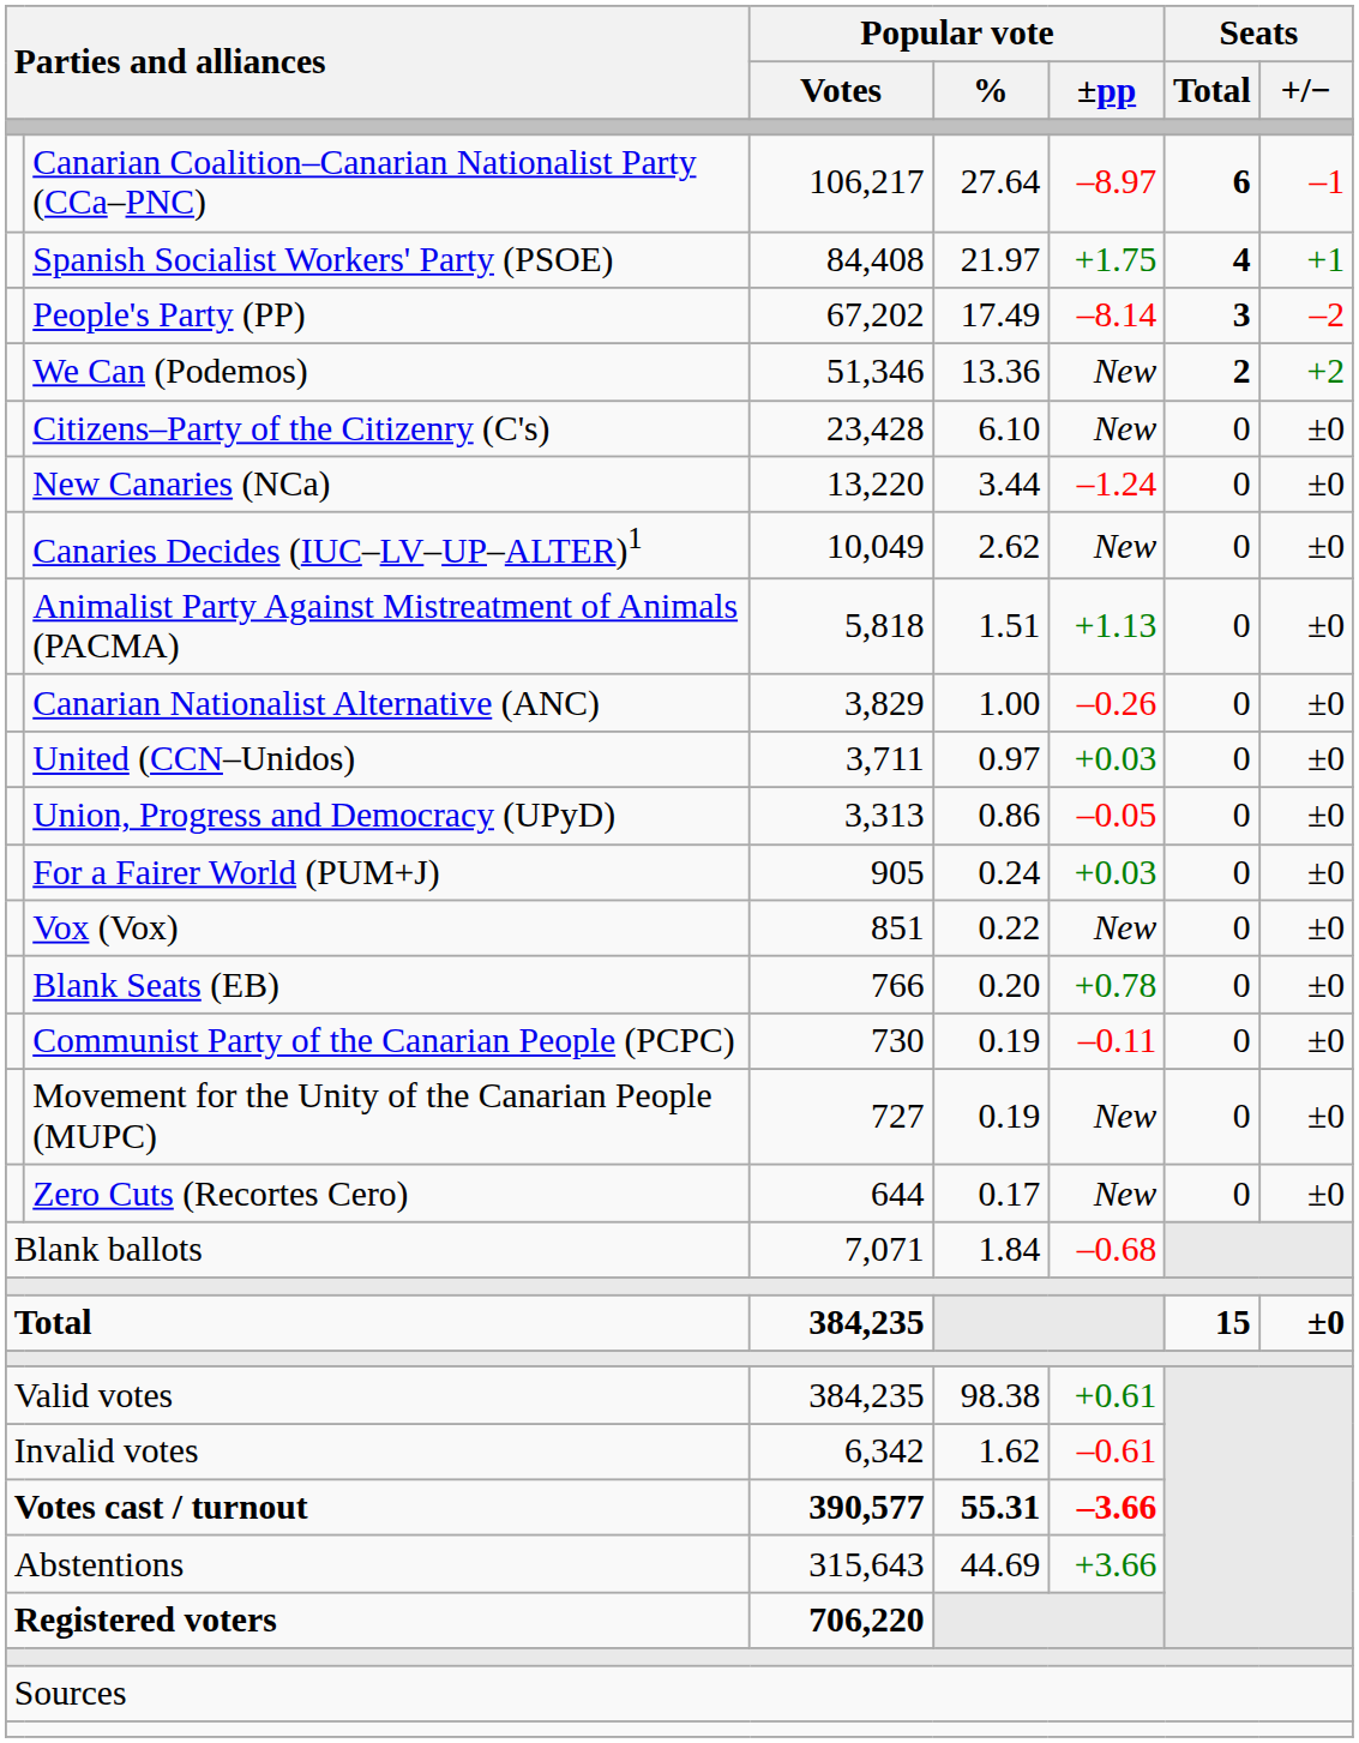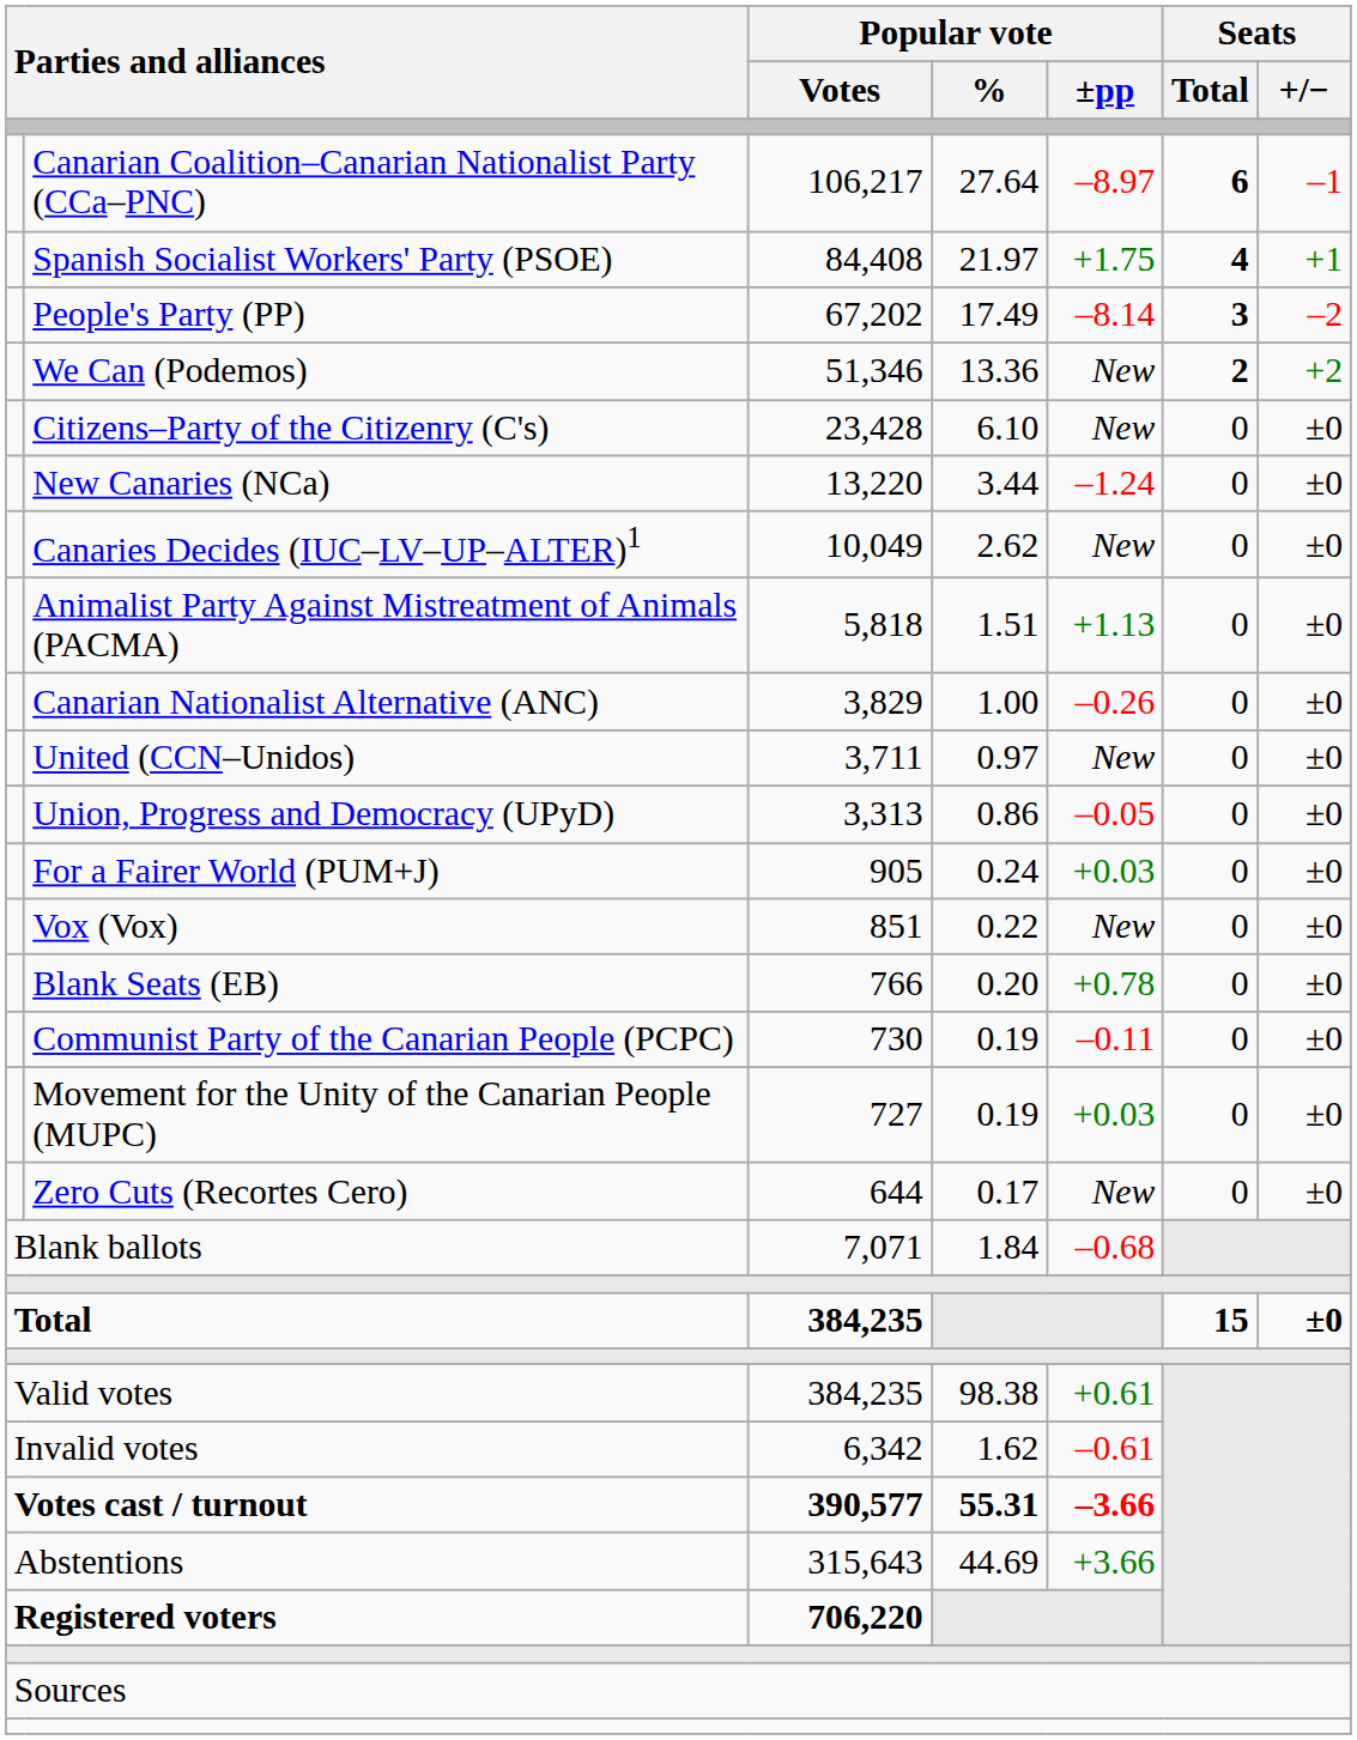 <table class="wikitable" style="text-align:right;">
 <tr>
 <th style="text-align:left;" rowspan="2" colspan="2" width="525">Parties and alliances</th>
 <th colspan="3">Popular vote</th>
 <th colspan="2">Seats</th>
 </tr>
 <tr>
 <th width="75">Votes</th>
 <th width="45">%</th>
 <th width="45">±<a href='#'>pp</a></th>
 <th width="35">Total</th>
 <th width="35">+/−</th>
 </tr>
 <tr>
 <td colspan="7" bgcolor="#C0C0C0"></td>
 </tr>
 <tr>
 <td width="1" style="color:inherit;background:"></td>
 <td align="left"><a href='#'>Canarian Coalition–Canarian Nationalist Party</a> (<a href='#'>CCa</a>–<a href='#'>PNC</a>)</td>
 <td>106,217</td>
 <td>27.64</td>
 <td style="color:red;">–8.97</td>
 <td><strong>6</strong></td>
 <td style="color:red;">–1</td>
 </tr>
 <tr>
 <td style="color:inherit;background:"></td>
 <td align="left"><a href='#'>Spanish Socialist Workers' Party</a> (PSOE)</td>
 <td>84,408</td>
 <td>21.97</td>
 <td style="color:green;">+1.75</td>
 <td><strong>4</strong></td>
 <td style="color:green;">+1</td>
 </tr>
 <tr>
 <td style="color:inherit;background:"></td>
 <td align="left"><a href='#'>People's Party</a> (PP)</td>
 <td>67,202</td>
 <td>17.49</td>
 <td style="color:red;">–8.14</td>
 <td><strong>3</strong></td>
 <td style="color:red;">–2</td>
 </tr>
 <tr>
 <td style="color:inherit;background:"></td>
 <td align="left"><a href='#'>We Can</a> (Podemos)</td>
 <td>51,346</td>
 <td>13.36</td>
 <td><em>New</em></td>
 <td><strong>2</strong></td>
 <td style="color:green;">+2</td>
 </tr>
 <tr>
 <td style="color:inherit;background:"></td>
 <td align="left"><a href='#'>Citizens–Party of the Citizenry</a> (C's)</td>
 <td>23,428</td>
 <td>6.10</td>
 <td><em>New</em></td>
 <td>0</td>
 <td>±0</td>
 </tr>
 <tr>
 <td style="color:inherit;background:"></td>
 <td align="left"><a href='#'>New Canaries</a> (NCa)</td>
 <td>13,220</td>
 <td>3.44</td>
 <td style="color:red;">–1.24</td>
 <td>0</td>
 <td>±0</td>
 </tr>
 <tr>
 <td style="color:inherit;background:"></td>
 <td align="left"><a href='#'>Canaries Decides</a> (<a href='#'>IUC</a>–<a href='#'>LV</a>–<a href='#'>UP</a>–<a href='#'>ALTER</a>)<sup>1</sup></td>
 <td>10,049</td>
 <td>2.62</td>
 <td><em>New</em></td>
 <td>0</td>
 <td>±0</td>
 </tr>
 <tr>
 <td width="1" style="color:inherit;background:"></td>
 <td align="left"><a href='#'>Animalist Party Against Mistreatment of Animals</a> (PACMA)</td>
 <td>5,818</td>
 <td>1.51</td>
 <td style="color:green;">+1.13</td>
 <td>0</td>
 <td>±0</td>
 </tr>
 <tr>
 <td style="color:inherit;background:"></td>
 <td align="left"><a href='#'>Canarian Nationalist Alternative</a> (ANC)</td>
 <td>3,829</td>
 <td>1.00</td>
 <td style="color:red;">–0.26</td>
 <td>0</td>
 <td>±0</td>
 </tr>
 <tr>
 <td style="color:inherit;background:"></td>
 <td align="left"><a href='#'>United</a> (<a href='#'>CCN</a>–Unidos)</td>
 <td>3,711</td>
 <td>0.97</td>
-<td style="color:green;">+0.03</td>
+<td><em>New</em></td>
 <td>0</td>
 <td>±0</td>
 </tr>
 <tr>
 <td style="color:inherit;background:"></td>
 <td align="left"><a href='#'>Union, Progress and Democracy</a> (UPyD)</td>
 <td>3,313</td>
 <td>0.86</td>
 <td style="color:red;">–0.05</td>
 <td>0</td>
 <td>±0</td>
 </tr>
 <tr>
 <td style="color:inherit;background:"></td>
 <td align="left"><a href='#'>For a Fairer World</a> (PUM+J)</td>
 <td>905</td>
 <td>0.24</td>
 <td style="color:green;">+0.03</td>
 <td>0</td>
 <td>±0</td>
 </tr>
 <tr>
 <td style="color:inherit;background:"></td>
 <td align="left"><a href='#'>Vox</a> (Vox)</td>
 <td>851</td>
 <td>0.22</td>
 <td><em>New</em></td>
 <td>0</td>
 <td>±0</td>
 </tr>
 <tr>
 <td style="color:inherit;background:"></td>
 <td align="left"><a href='#'>Blank Seats</a> (EB)</td>
 <td>766</td>
 <td>0.20</td>
 <td style="color:green;">+0.78</td>
 <td>0</td>
 <td>±0</td>
 </tr>
 <tr>
 <td style="color:inherit;background:"></td>
 <td align="left"><a href='#'>Communist Party of the Canarian People</a> (PCPC)</td>
 <td>730</td>
 <td>0.19</td>
 <td style="color:red;">–0.11</td>
 <td>0</td>
 <td>±0</td>
 </tr>
 <tr>
 <td style="color:inherit;background:"></td>
 <td align="left">Movement for the Unity of the Canarian People (MUPC)</td>
 <td>727</td>
 <td>0.19</td>
-<td><em>New</em></td>
+<td style="color:green;">+0.03</td>
 <td>0</td>
 <td>±0</td>
 </tr>
 <tr>
 <td style="color:inherit;background:"></td>
 <td align="left"><a href='#'>Zero Cuts</a> (Recortes Cero)</td>
 <td>644</td>
 <td>0.17</td>
 <td><em>New</em></td>
 <td>0</td>
 <td>±0</td>
 </tr>
 <tr>
 <td align="left" colspan="2">Blank ballots</td>
 <td>7,071</td>
 <td>1.84</td>
 <td style="color:red;">–0.68</td>
 <td bgcolor="#E9E9E9" colspan="2"></td>
 </tr>
 <tr>
 <td colspan="7" bgcolor="#E9E9E9"></td>
 </tr>
 <tr style="font-weight:bold;">
 <td align="left" colspan="2">Total</td>
 <td>384,235</td>
 <td bgcolor="#E9E9E9" colspan="2"></td>
 <td>15</td>
 <td>±0</td>
 </tr>
 <tr>
 <td colspan="7" bgcolor="#E9E9E9"></td>
 </tr>
 <tr>
 <td align="left" colspan="2">Valid votes</td>
 <td>384,235</td>
 <td>98.38</td>
 <td style="color:green;">+0.61</td>
 <td bgcolor="#E9E9E9" colspan="2" rowspan="5"></td>
 </tr>
 <tr>
 <td align="left" colspan="2">Invalid votes</td>
 <td>6,342</td>
 <td>1.62</td>
 <td style="color:red;">–0.61</td>
 </tr>
 <tr style="font-weight:bold;">
 <td align="left" colspan="2">Votes cast / turnout</td>
 <td>390,577</td>
 <td>55.31</td>
 <td style="color:red;">–3.66</td>
 </tr>
 <tr>
 <td align="left" colspan="2">Abstentions</td>
 <td>315,643</td>
 <td>44.69</td>
 <td style="color:green;">+3.66</td>
 </tr>
 <tr style="font-weight:bold;">
 <td align="left" colspan="2">Registered voters</td>
 <td>706,220</td>
 <td bgcolor="#E9E9E9" colspan="2"></td>
 </tr>
 <tr>
 <td colspan="7" bgcolor="#E9E9E9"></td>
 </tr>
 <tr>
 <td align="left" colspan="7">Sources</td>
 </tr>
 <tr>
 <td colspan="7" style="text-align:left; max-width:790px;"></td>
 </tr>
 </table>
